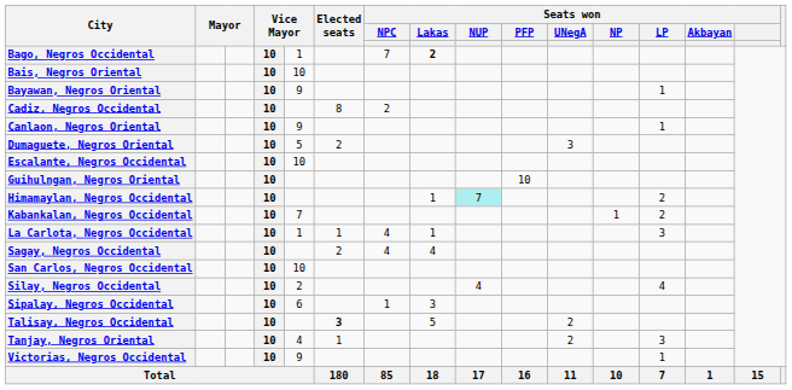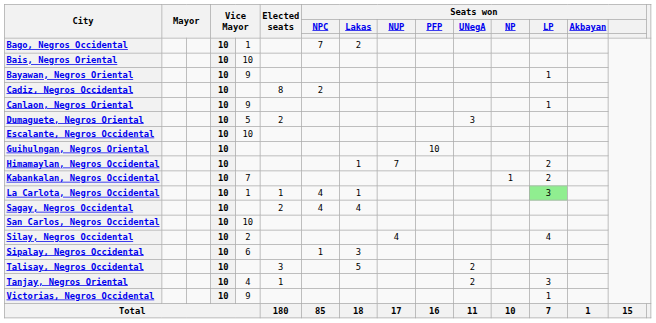 <table class="wikitable" style="text-align:center; font-size: 0.9em;">
 <tr>
 <th rowspan="3">City</th>
 <th colspan="2" rowspan="3" style="width:60px;">Mayor</th>
 <th colspan="2" rowspan="3" style="width:60px;">Vice Mayor</th>
 <th rowspan="3">Elected<br>seats</th>
 <th colspan="9">Seats won</th>
 <th rowspan="3"></th>
 </tr>
 <tr>
 <th class="unsortable" style="width:45px;"><a href='#'>NPC</a></th>
 <th class="unsortable" style="width:45px;"><a href='#'>Lakas</a></th>
 <th class="unsortable" style="width:45px;"><a href='#'>NUP</a></th>
 <th class="unsortable" style="width:45px;"><a href='#'>PFP</a></th>
 <th class="unsortable" style="width:45px;"><a href='#'>UNegA</a></th>
 <th class="unsortable" style="width:45px;"><a href='#'>NP</a></th>
 <th class="unsortable" style="width:45px;"><a href='#'>LP</a></th>
 <th class="unsortable" style="width:45px;"><a href='#'>Akbayan</a></th>
 <th class="unsortable" style="width:45px;"></th>
 </tr>
 <tr>
 <th style="color:inherit;background:"></th>
 <th style="color:inherit;background:"></th>
 <th style="color:inherit;background:"></th>
 <th style="color:inherit;background:"></th>
 <th style="color:inherit;background:"></th>
 <th style="color:inherit;background:"></th>
 <th style="color:inherit;background:"></th>
 <th style="color:inherit;background:"></th>
 <th style="color:inherit;background:"></th>
 </tr>
 <tr>
 <th style="text-align: left;"><a href='#'>Bago, Negros Occidental</a></th>
 <td></td>
 <td></td>
 <th>10</th>
 <td>1</td>
 <td></td>
 <td>7</td>
-<td><strong>2</strong></td>
+<td>2</td>
 <td></td>
 <td></td>
 <td></td>
 <td></td>
 <td></td>
 <td></td>
 </tr>
 <tr>
 <th style="text-align: left;"><a href='#'>Bais, Negros Oriental</a></th>
 <td></td>
 <td></td>
 <th>10</th>
 <td>10</td>
 <td></td>
 <td></td>
 <td></td>
 <td></td>
 <td></td>
 <td></td>
 <td></td>
 <td></td>
 <td></td>
 </tr>
 <tr>
 <th style="text-align: left;"><a href='#'>Bayawan, Negros Oriental</a></th>
 <td></td>
 <td></td>
 <th>10</th>
 <td>9</td>
 <td></td>
 <td></td>
 <td></td>
 <td></td>
 <td></td>
 <td></td>
 <td></td>
 <td>1</td>
 <td></td>
 </tr>
 <tr>
 <th style="text-align: left;"><a href='#'>Cadiz, Negros Occidental</a></th>
 <td></td>
 <td></td>
 <th>10</th>
 <td></td>
 <td>8</td>
 <td>2</td>
 <td></td>
 <td></td>
 <td></td>
 <td></td>
 <td></td>
 <td></td>
 <td></td>
 </tr>
 <tr>
 <th style="text-align: left;"><a href='#'>Canlaon, Negros Oriental</a></th>
 <td></td>
 <td></td>
 <th>10</th>
 <td>9</td>
 <td></td>
 <td></td>
 <td></td>
 <td></td>
 <td></td>
 <td></td>
 <td></td>
 <td>1</td>
 <td></td>
 </tr>
 <tr>
 <th style="text-align: left;"><a href='#'>Dumaguete, Negros Oriental</a></th>
 <td></td>
 <td></td>
 <th>10</th>
 <td>5</td>
 <td>2</td>
 <td></td>
 <td></td>
 <td></td>
 <td></td>
 <td>3</td>
 <td></td>
 <td></td>
 <td></td>
 </tr>
 <tr>
 <th style="text-align: left;"><a href='#'>Escalante, Negros Occidental</a></th>
 <td></td>
 <td></td>
 <th>10</th>
 <td>10</td>
 <td></td>
 <td></td>
 <td></td>
 <td></td>
 <td></td>
 <td></td>
 <td></td>
 <td></td>
 <td></td>
 </tr>
 <tr>
 <th style="text-align: left;"><a href='#'>Guihulngan, Negros Oriental</a></th>
 <td></td>
 <td></td>
 <th>10</th>
 <td></td>
 <td></td>
 <td></td>
 <td></td>
 <td></td>
 <td>10</td>
 <td></td>
 <td></td>
 <td></td>
 <td></td>
 </tr>
 <tr>
 <th style="text-align: left;"><a href='#'>Himamaylan, Negros Occidental</a></th>
 <td></td>
 <td></td>
 <th>10</th>
 <td></td>
 <td></td>
 <td></td>
 <td>1</td>
-<td style="background: paleturquoise;">7</td>
+<td>7</td>
 <td></td>
 <td></td>
 <td></td>
 <td>2</td>
 <td></td>
 </tr>
 <tr>
 <th style="text-align: left;"><a href='#'>Kabankalan, Negros Occidental</a></th>
 <td></td>
 <td></td>
 <th>10</th>
 <td>7</td>
 <td></td>
 <td></td>
 <td></td>
 <td></td>
 <td></td>
 <td></td>
 <td>1</td>
 <td>2</td>
 <td></td>
 </tr>
 <tr>
 <th style="text-align: left;"><a href='#'>La Carlota, Negros Occidental</a></th>
 <td></td>
 <td></td>
 <th>10</th>
 <td>1</td>
 <td>1</td>
 <td>4</td>
 <td>1</td>
 <td></td>
 <td></td>
 <td></td>
 <td></td>
-<td>3</td>
+<td style="background: lightgreen;">3</td>
 <td></td>
 </tr>
 <tr>
 <th style="text-align: left;"><a href='#'>Sagay, Negros Occidental</a></th>
 <td></td>
 <td></td>
 <th>10</th>
 <td></td>
 <td>2</td>
 <td>4</td>
 <td>4</td>
 <td></td>
 <td></td>
 <td></td>
 <td></td>
 <td></td>
 <td></td>
 </tr>
 <tr>
 <th style="text-align: left;"><a href='#'>San Carlos, Negros Occidental</a></th>
 <td></td>
 <td></td>
 <th>10</th>
 <td>10</td>
 <td></td>
 <td></td>
 <td></td>
 <td></td>
 <td></td>
 <td></td>
 <td></td>
 <td></td>
 <td></td>
 </tr>
 <tr>
 <th style="text-align: left;"><a href='#'>Silay, Negros Occidental</a></th>
 <td></td>
 <td></td>
 <th>10</th>
 <td>2</td>
 <td></td>
 <td></td>
 <td></td>
 <td>4</td>
 <td></td>
 <td></td>
 <td></td>
 <td>4</td>
 <td></td>
 </tr>
 <tr>
 <th style="text-align: left;"><a href='#'>Sipalay, Negros Occidental</a></th>
 <td></td>
 <td></td>
 <th>10</th>
 <td>6</td>
 <td></td>
 <td>1</td>
 <td>3</td>
 <td></td>
 <td></td>
 <td></td>
 <td></td>
 <td></td>
 <td></td>
 </tr>
 <tr>
 <th style="text-align: left;"><a href='#'>Talisay, Negros Occidental</a></th>
 <td></td>
 <td></td>
 <th>10</th>
 <td></td>
-<td><strong>3</strong></td>
+<td>3</td>
 <td></td>
 <td>5</td>
 <td></td>
 <td></td>
 <td>2</td>
 <td></td>
 <td></td>
 <td></td>
 </tr>
 <tr>
 <th style="text-align: left;"><a href='#'>Tanjay, Negros Oriental</a></th>
 <td></td>
 <td></td>
 <th>10</th>
 <td>4</td>
 <td>1</td>
 <td></td>
 <td></td>
 <td></td>
 <td></td>
 <td>2</td>
 <td></td>
 <td>3</td>
 <td></td>
 </tr>
 <tr>
 <th style="text-align: left;"><a href='#'>Victorias, Negros Occidental</a></th>
 <td></td>
 <td></td>
 <th>10</th>
 <td>9</td>
 <td></td>
 <td></td>
 <td></td>
 <td></td>
 <td></td>
 <td></td>
 <td></td>
 <td>1</td>
 <td></td>
 </tr>
 <tr>
 <th colspan="5">Total</th>
 <th>180</th>
 <th>85</th>
 <th>18</th>
 <th>17</th>
 <th>16</th>
 <th>11</th>
 <th>10</th>
 <th>7</th>
 <th>1</th>
 <th>15</th>
 <th></th>
 </tr>
 </table>
